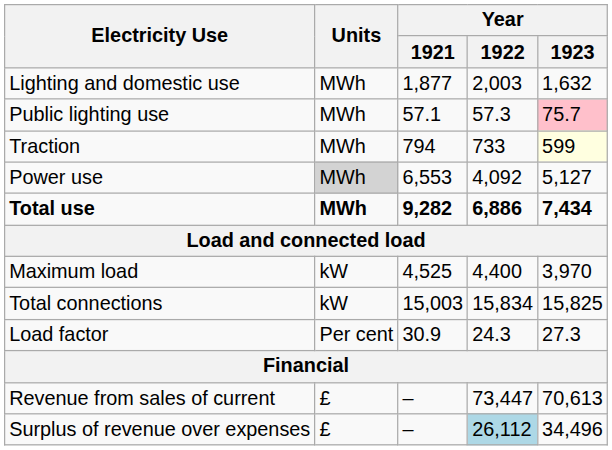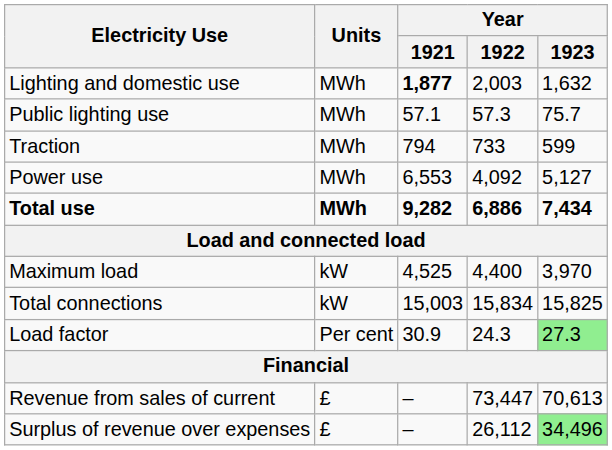 <table class="wikitable">
 <tr>
 <th rowspan="2">Electricity  Use</th>
 <th rowspan="2">Units</th>
 <th colspan="3">Year</th>
 </tr>
 <tr>
 <th>1921</th>
 <th>1922</th>
 <th>1923</th>
 </tr>
 <tr>
 <td>Lighting  and domestic use</td>
 <td>MWh</td>
-<td>1,877</td>
+<td><strong>1,877</strong></td>
 <td>2,003</td>
 <td>1,632</td>
 </tr>
 <tr>
 <td>Public  lighting use</td>
 <td>MWh</td>
 <td>57.1</td>
 <td>57.3</td>
-<td style="background: pink;">75.7</td>
+<td>75.7</td>
 </tr>
 <tr>
 <td>Traction</td>
 <td>MWh</td>
 <td>794</td>
 <td>733</td>
-<td style="background: lightyellow;">599</td>
+<td>599</td>
 </tr>
 <tr>
 <td>Power  use</td>
-<td style="background: lightgrey;">MWh</td>
+<td>MWh</td>
 <td>6,553</td>
 <td>4,092</td>
 <td>5,127</td>
 </tr>
 <tr>
 <td><strong>Total  use</strong></td>
 <td><strong>MWh</strong></td>
 <td><strong>9,282</strong></td>
 <td><strong>6,886</strong></td>
 <td><strong>7,434</strong></td>
 </tr>
 <tr>
 <th colspan="5">Load  and connected load</th>
 </tr>
 <tr>
 <td>Maximum  load</td>
 <td>kW</td>
 <td>4,525</td>
 <td>4,400</td>
 <td>3,970</td>
 </tr>
 <tr>
 <td>Total  connections</td>
 <td>kW</td>
 <td>15,003</td>
 <td>15,834</td>
 <td>15,825</td>
 </tr>
 <tr>
 <td>Load  factor</td>
 <td>Per  cent</td>
 <td>30.9</td>
 <td>24.3</td>
-<td>27.3</td>
+<td style="background: lightgreen;">27.3</td>
 </tr>
 <tr>
 <th colspan="5">Financial</th>
 </tr>
 <tr>
 <td>Revenue  from sales of current</td>
 <td>£</td>
 <td>–</td>
 <td>73,447</td>
 <td>70,613</td>
 </tr>
 <tr>
 <td>Surplus  of revenue over expenses</td>
 <td>£</td>
 <td>–</td>
-<td style="background: lightblue;">26,112</td>
-<td>34,496</td>
+<td>26,112</td>
+<td style="background: lightgreen;">34,496</td>
 </tr>
 </table>
